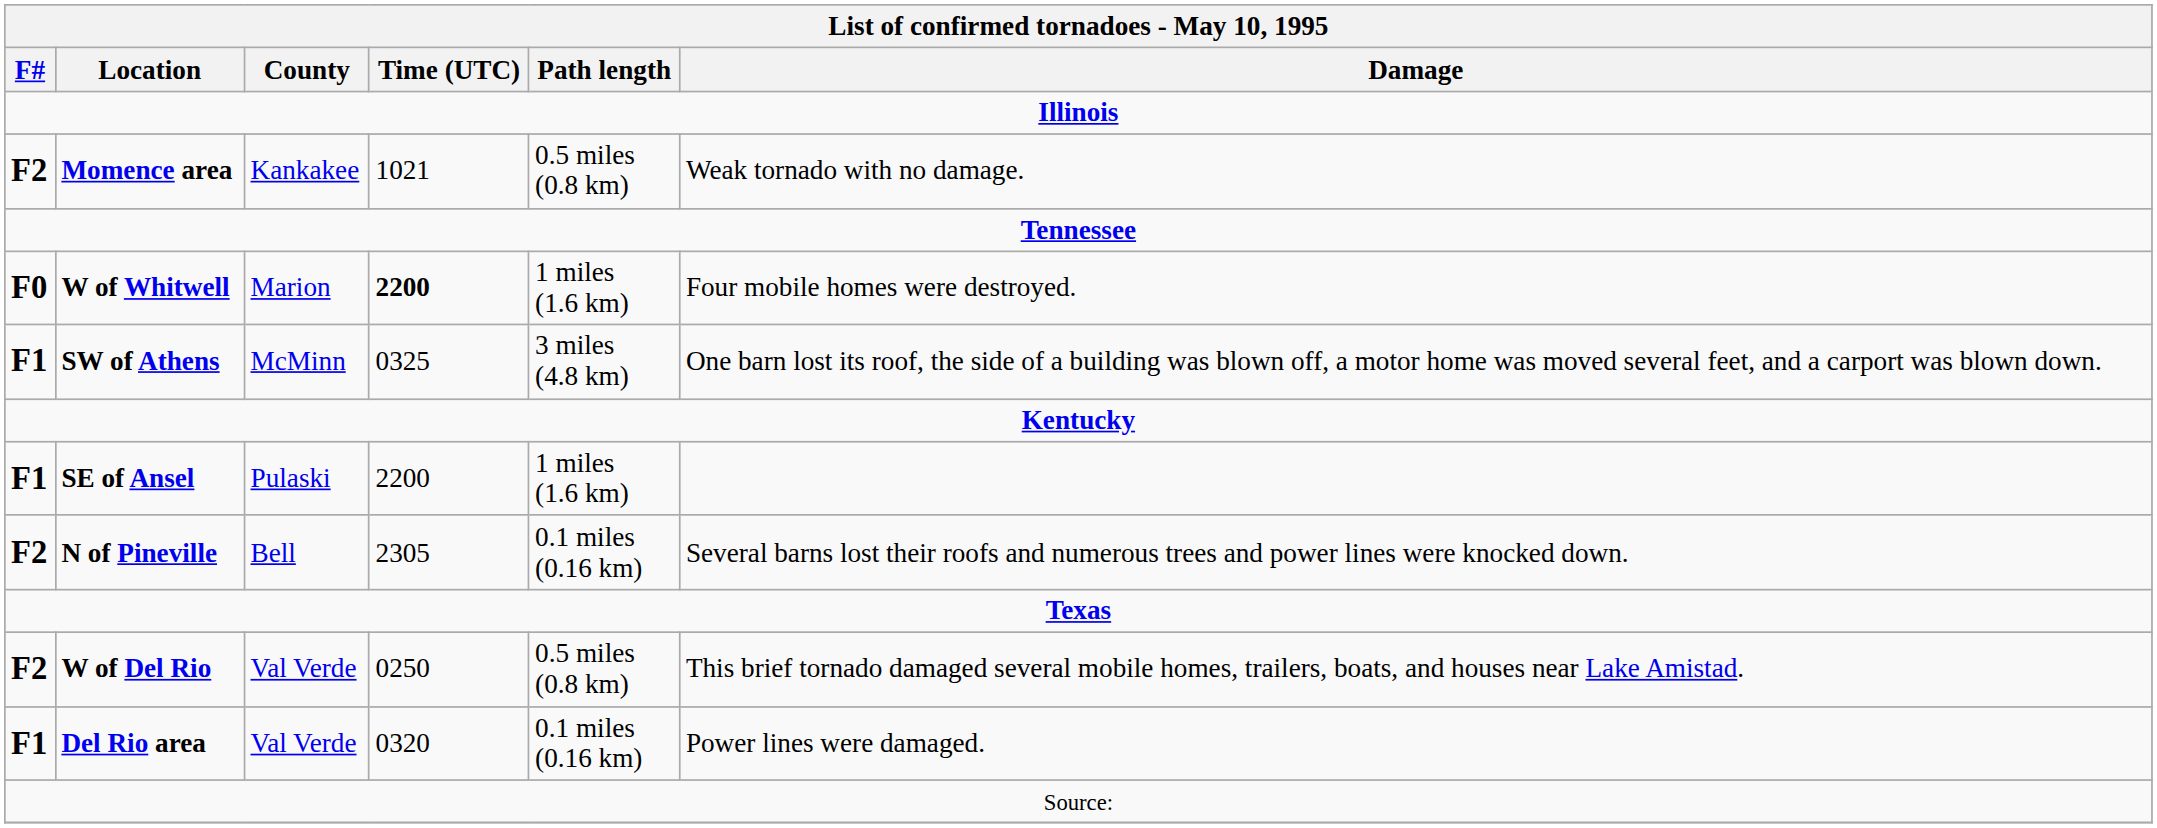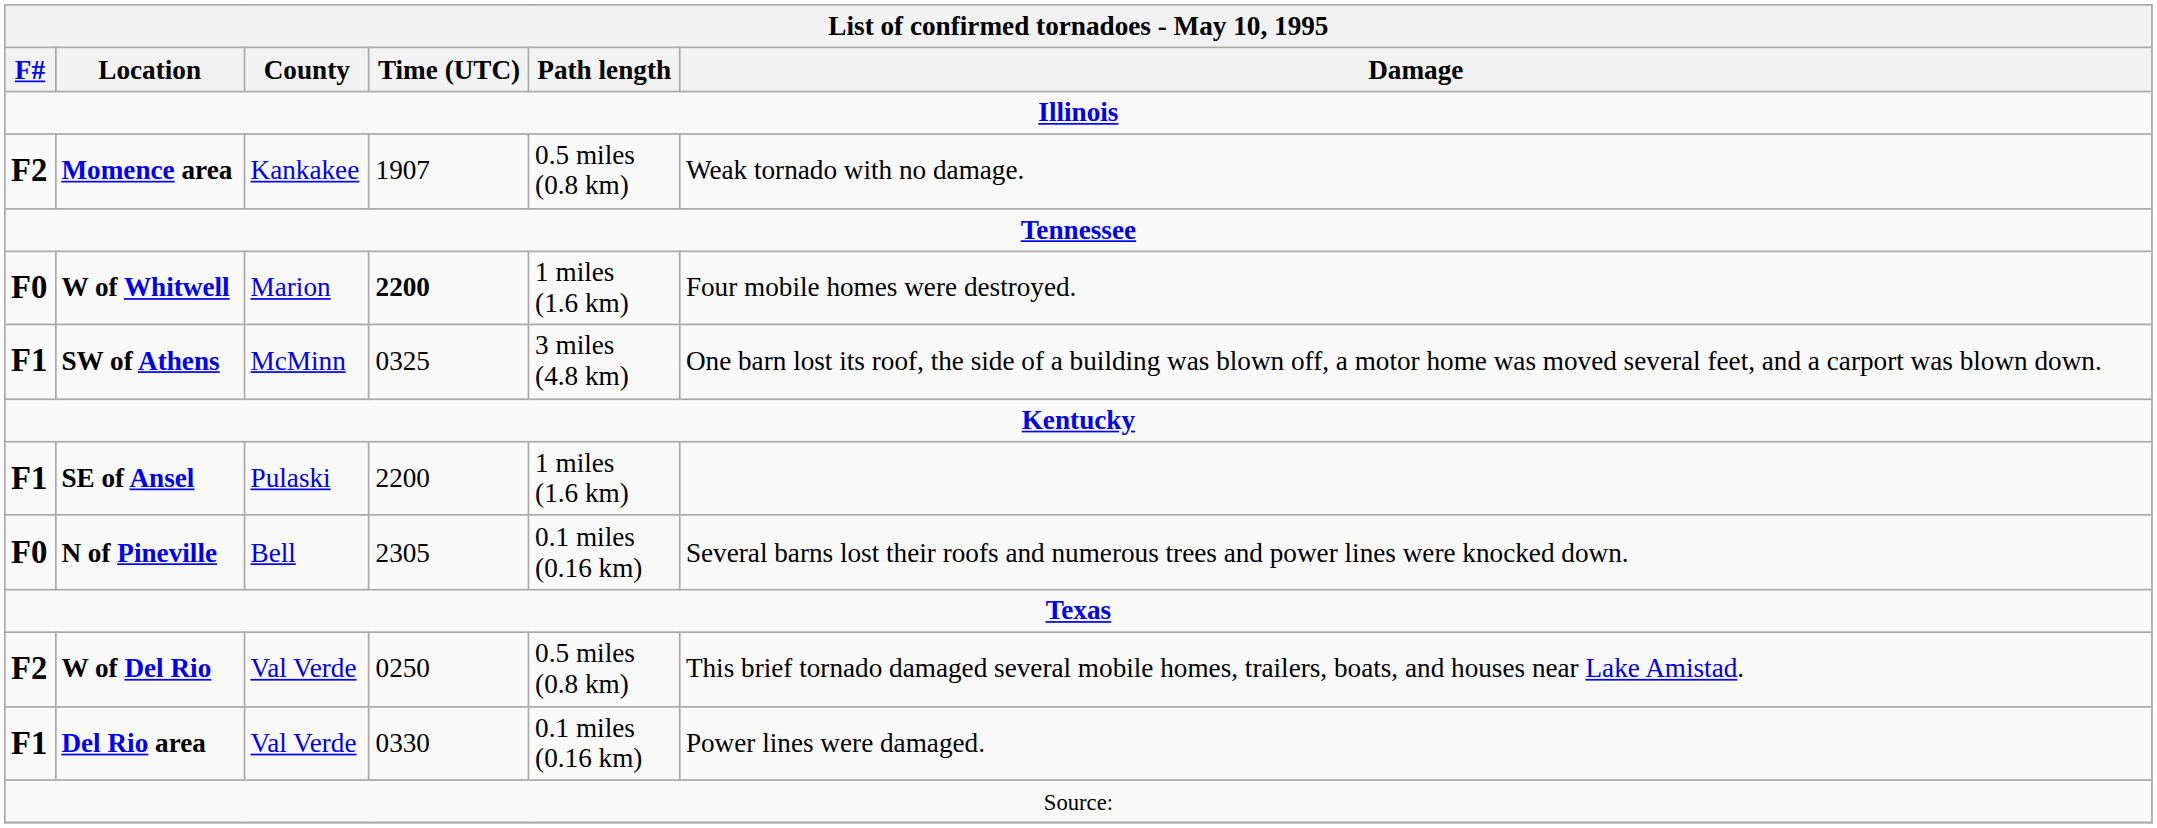 <table class="wikitable collapsible" width="100%">
 <tr>
 <th colspan="6">List of confirmed tornadoes - May 10, 1995</th>
 </tr>
 <tr>
 <th><a href='#'>F#</a></th>
 <th>Location</th>
 <th>County</th>
 <th>Time (UTC)</th>
 <th>Path length</th>
 <th>Damage</th>
 </tr>
 <tr>
 <td colspan="7" align=center><strong><a href='#'>Illinois</a></strong></td>
 </tr>
 <tr>
 <td><big><strong>F2</strong></big></td>
 <td><strong><a href='#'>Momence</a> area</strong></td>
 <td><a href='#'>Kankakee</a></td>
-<td>1021</td>
+<td>1907</td>
 <td>0.5 miles <br> (0.8 km)</td>
 <td>Weak tornado with no damage.</td>
 </tr>
 <tr>
 <td colspan="7" align=center><strong><a href='#'>Tennessee</a></strong></td>
 </tr>
 <tr>
 <td><big><strong>F0</strong></big></td>
 <td><strong>W of <a href='#'>Whitwell</a></strong></td>
 <td><a href='#'>Marion</a></td>
 <td><strong>2200</strong></td>
 <td>1 miles <br> (1.6 km)</td>
 <td>Four mobile homes were destroyed.</td>
 </tr>
 <tr>
 <td><big><strong>F1</strong></big></td>
 <td><strong>SW of <a href='#'>Athens</a></strong></td>
 <td><a href='#'>McMinn</a></td>
 <td>0325</td>
 <td>3 miles <br> (4.8 km)</td>
 <td>One barn lost its roof, the side of a building was blown off, a motor home was moved several feet, and a carport was blown down.</td>
 </tr>
 <tr>
 <td colspan="7" align=center><strong><a href='#'>Kentucky</a></strong></td>
 </tr>
 <tr>
 <td><big><strong>F1</strong></big></td>
 <td><strong>SE of <a href='#'>Ansel</a></strong></td>
 <td><a href='#'>Pulaski</a></td>
 <td>2200</td>
 <td>1 miles <br> (1.6 km)</td>
 <td></td>
 </tr>
 <tr>
-<td><big><strong>F2</strong></big></td>
+<td><big><strong>F0</strong></big></td>
 <td><strong>N of <a href='#'>Pineville</a></strong></td>
 <td><a href='#'>Bell</a></td>
 <td>2305</td>
 <td>0.1 miles <br> (0.16 km)</td>
 <td>Several barns lost their roofs and numerous trees and power lines were knocked down.</td>
 </tr>
 <tr>
 <td colspan="7" align=center><strong><a href='#'>Texas</a></strong></td>
 </tr>
 <tr>
 <td><big><strong>F2</strong></big></td>
 <td><strong>W of <a href='#'>Del Rio</a></strong></td>
 <td><a href='#'>Val Verde</a></td>
 <td>0250</td>
 <td>0.5 miles <br> (0.8 km)</td>
 <td>This brief tornado damaged several mobile homes, trailers, boats, and houses near <a href='#'>Lake Amistad</a>.</td>
 </tr>
 <tr>
 <td><big><strong>F1</strong></big></td>
 <td><strong><a href='#'>Del Rio</a> area</strong></td>
 <td><a href='#'>Val Verde</a></td>
-<td>0320</td>
+<td>0330</td>
 <td>0.1 miles <br> (0.16 km)</td>
 <td>Power lines were damaged.</td>
 </tr>
 <tr>
 <td colspan="7" align=center><small>Source:  </small></td>
 </tr>
 <tr>
 </tr>
 </table>
